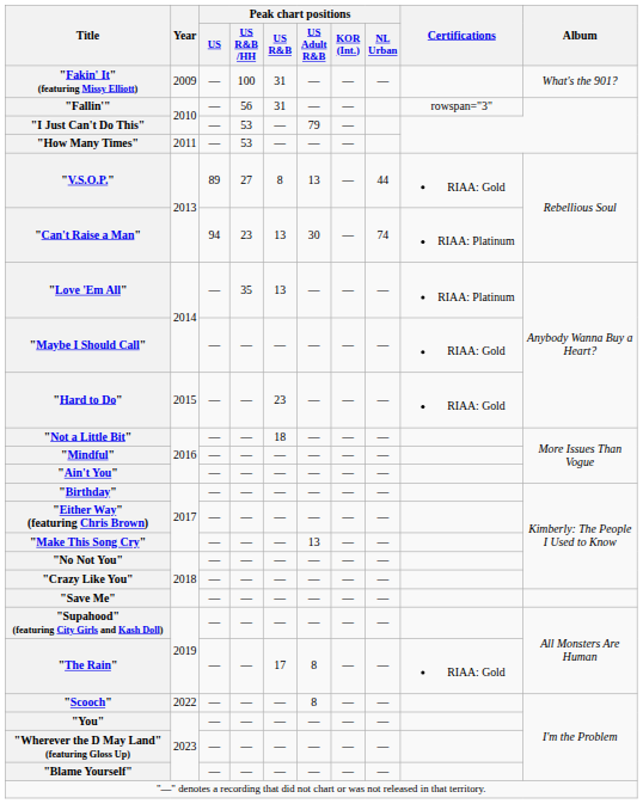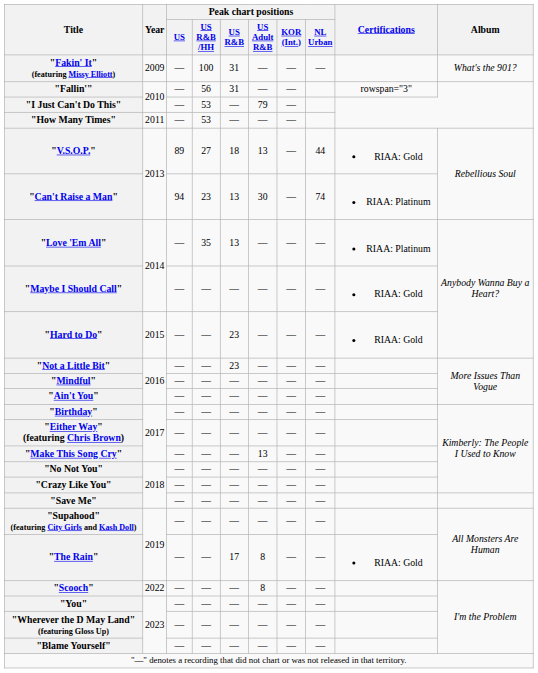 <table class="wikitable plainrowheaders" style="text-align:center;">
 <tr>
 <th scope="col" rowspan="2" style="width:18em;">Title</th>
 <th scope="col" rowspan="2" style="width:1em;">Year</th>
 <th scope="col" colspan="6">Peak chart positions</th>
 <th scope="col" rowspan="2" style="width:12em;"><a href='#'>Certifications</a></th>
 <th scope="col" rowspan="2" style="width:12em;">Album</th>
 </tr>
 <tr>
 <th scope="col" style="width:3em;font-size:90%;"><a href='#'>US</a><br></th>
 <th scope="col" style="width:3em;font-size:90%;"><a href='#'>US <br>R&B<br>/HH</a><br></th>
 <th scope="col" style="width:3em;font-size:90%;"><a href='#'>US<br>R&B</a><br></th>
 <th scope="col" style="width:3em;font-size:90%;"><a href='#'>US<br>Adult<br>R&B</a><br></th>
 <th scope="col" style="width:3em;font-size:90%;"><a href='#'>KOR<br>(Int.)</a><br></th>
 <th scope="col" style="width:3em;font-size:90%;"><a href='#'>NL<br>Urban</a><br></th>
 </tr>
 <tr>
 <th scope="row">"<a href='#'>Fakin' It</a>" <br><small>(featuring <a href='#'>Missy Elliott</a>)</small></th>
 <td>2009</td>
 <td>—</td>
 <td>100</td>
 <td>31</td>
 <td>—</td>
 <td>—</td>
 <td>—</td>
 <td></td>
 <td><em>What's the 901?</em></td>
 </tr>
 <tr>
 <th scope="row">"Fallin'"</th>
 <td rowspan="2">2010</td>
 <td>—</td>
 <td>56</td>
 <td>31</td>
 <td>—</td>
 <td>—</td>
 <td></td>
 <td>rowspan="3" </td>
 </tr>
 <tr>
 <th scope="row">"I Just Can't Do This"</th>
 <td>—</td>
 <td>53</td>
 <td>—</td>
 <td>79</td>
 <td>—</td>
 <td></td>
 </tr>
 <tr>
 <th scope="row">"How Many Times"</th>
 <td>2011</td>
 <td>—</td>
 <td>53</td>
 <td>—</td>
 <td>—</td>
 <td>—</td>
 <td></td>
 </tr>
 <tr>
 <th scope="row">"<a href='#'>V.S.O.P.</a>"</th>
 <td rowspan="2">2013</td>
 <td>89</td>
 <td>27</td>
-<td>8</td>
+<td>18</td>
 <td>13</td>
 <td>—</td>
 <td>44</td>
 <td><br><ul><li>RIAA: Gold</li></ul></td>
 <td rowspan="2"><em>Rebellious Soul</em></td>
 </tr>
 <tr>
 <th scope="row">"<a href='#'>Can't Raise a Man</a>"</th>
 <td>94</td>
 <td>23</td>
 <td>13</td>
 <td>30</td>
 <td>—</td>
 <td>74</td>
 <td><br><ul><li>RIAA: Platinum</li></ul></td>
 </tr>
 <tr>
 <th scope="row">"<a href='#'>Love 'Em All</a>"</th>
 <td rowspan="2">2014</td>
 <td>—</td>
 <td>35</td>
 <td>13</td>
 <td>—</td>
 <td>—</td>
 <td>—</td>
 <td><br><ul><li>RIAA: Platinum</li></ul></td>
 <td rowspan="3"><em>Anybody Wanna Buy a Heart?</em></td>
 </tr>
 <tr>
 <th scope="row">"<a href='#'>Maybe I Should Call</a>"</th>
 <td>—</td>
 <td>—</td>
 <td>—</td>
 <td>—</td>
 <td>—</td>
 <td>—</td>
 <td><br><ul><li>RIAA: Gold</li></ul></td>
 </tr>
 <tr>
 <th scope="row">"<a href='#'>Hard to Do</a>"</th>
 <td>2015</td>
 <td>—</td>
 <td>—</td>
 <td>23</td>
 <td>—</td>
 <td>—</td>
 <td>—</td>
 <td><br><ul><li>RIAA: Gold</li></ul></td>
 </tr>
 <tr>
 <th scope="row">"<a href='#'>Not a Little Bit</a>"</th>
 <td rowspan="3">2016</td>
 <td>—</td>
 <td>—</td>
-<td>18</td>
+<td>23</td>
 <td>—</td>
 <td>—</td>
 <td>—</td>
 <td></td>
 <td rowspan="3"><em>More Issues Than Vogue</em></td>
 </tr>
 <tr>
 <th scope="row">"<a href='#'>Mindful</a>"</th>
 <td>—</td>
 <td>—</td>
 <td>—</td>
 <td>—</td>
 <td>—</td>
 <td>—</td>
 <td></td>
 </tr>
 <tr>
 <th scope="row">"<a href='#'>Ain't You</a>"</th>
 <td>—</td>
 <td>—</td>
 <td>—</td>
 <td>—</td>
 <td>—</td>
 <td>—</td>
 <td></td>
 </tr>
 <tr>
 <th scope="row">"<a href='#'>Birthday</a>"</th>
 <td rowspan="3">2017</td>
 <td>—</td>
 <td>—</td>
 <td>—</td>
 <td>—</td>
 <td>—</td>
 <td>—</td>
 <td></td>
 <td rowspan="5"><em>Kimberly: The People I Used to Know</em></td>
 </tr>
 <tr>
 <th scope="row">"<a href='#'>Either Way</a>"<br><span>(featuring <a href='#'>Chris Brown</a>)</span></th>
 <td>—</td>
 <td>—</td>
 <td>—</td>
 <td>—</td>
 <td>—</td>
 <td>—</td>
 <td></td>
 </tr>
 <tr>
 <th scope="row">"<a href='#'>Make This Song Cry</a>"</th>
 <td>—</td>
 <td>—</td>
 <td>—</td>
 <td>13</td>
 <td>—</td>
 <td>—</td>
 <td></td>
 </tr>
 <tr>
 <th scope="row">"No Not You"</th>
 <td rowspan="3">2018</td>
 <td>—</td>
 <td>—</td>
 <td>—</td>
 <td>—</td>
 <td>—</td>
 <td>—</td>
 <td></td>
 </tr>
 <tr>
 <th scope="row">"Crazy Like You"</th>
 <td>—</td>
 <td>—</td>
 <td>—</td>
 <td>—</td>
 <td>—</td>
 <td>—</td>
 <td></td>
 </tr>
 <tr>
 <th scope="row">"Save Me"</th>
 <td>—</td>
 <td>—</td>
 <td>—</td>
 <td>—</td>
 <td>—</td>
 <td>—</td>
 <td></td>
 <td></td>
 </tr>
 <tr>
 <th scope="row">"Supahood" <br><small>(featuring <a href='#'>City Girls</a> and <a href='#'>Kash Doll</a>)</small></th>
 <td rowspan="2">2019</td>
 <td>—</td>
 <td>—</td>
 <td>—</td>
 <td>—</td>
 <td>—</td>
 <td>—</td>
 <td></td>
 <td rowspan="2"><em>All Monsters Are Human</em></td>
 </tr>
 <tr>
 <th scope="row">"<a href='#'>The Rain</a>"</th>
 <td>—</td>
 <td>—</td>
 <td>17</td>
 <td>8</td>
 <td>—</td>
 <td>—</td>
 <td><br><ul><li>RIAA: Gold</li></ul></td>
 </tr>
 <tr>
 <th scope="row">"<a href='#'>Scooch</a>"</th>
 <td>2022</td>
 <td>—</td>
 <td>—</td>
 <td>—</td>
 <td>8</td>
 <td>—</td>
 <td>—</td>
 <td></td>
 <td rowspan="4"><em>I'm the Problem</em></td>
 </tr>
 <tr>
 <th scope="row">"You"</th>
 <td rowspan="3">2023</td>
 <td>—</td>
 <td>—</td>
 <td>—</td>
 <td>—</td>
 <td>—</td>
 <td>—</td>
 <td></td>
 </tr>
 <tr>
 <th scope="row">"Wherever the D May Land" <br><small>(featuring Gloss Up)</small></th>
 <td>—</td>
 <td>—</td>
 <td>—</td>
 <td>—</td>
 <td>—</td>
 <td>—</td>
 <td></td>
 </tr>
 <tr>
 <th scope="row">"Blame Yourself"</th>
 <td>—</td>
 <td>—</td>
 <td>—</td>
 <td>—</td>
 <td>—</td>
 <td>—</td>
 <td></td>
 </tr>
 <tr>
 <td colspan="11" style="font-size:90%">"—" denotes a recording that did not chart or was not released in that territory.</td>
 </tr>
 </table>
